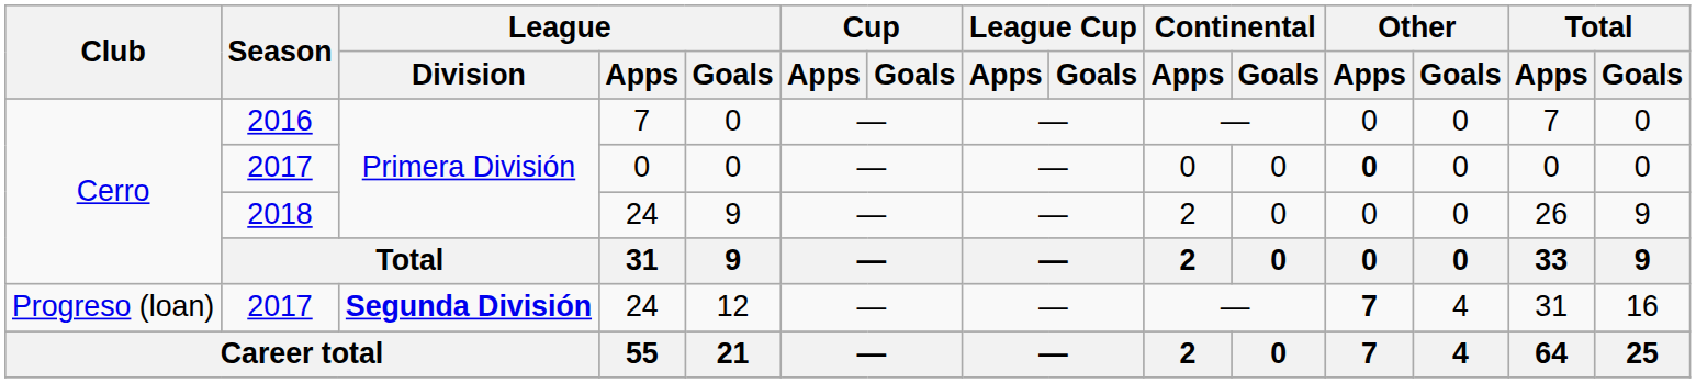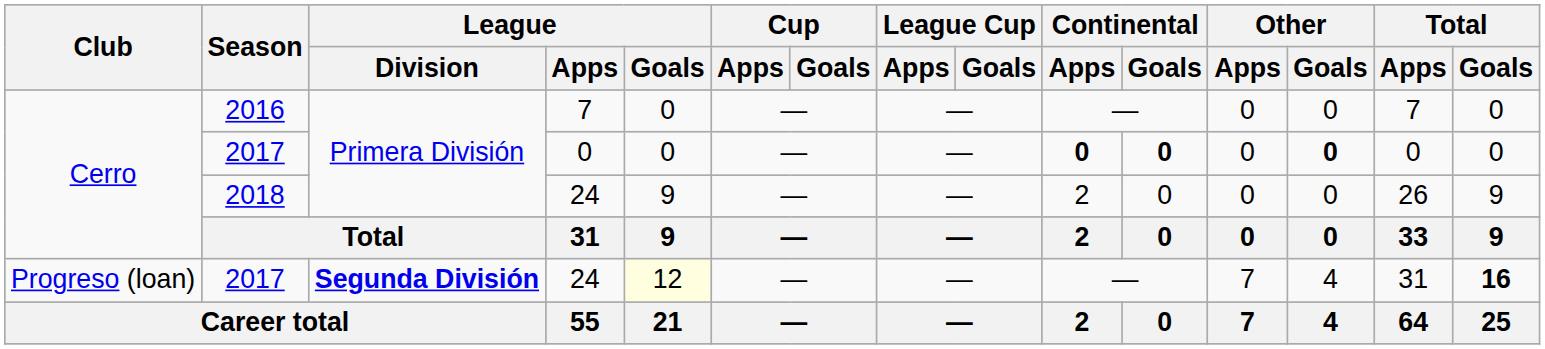 <table class="wikitable" style="text-align:center">
 <tr>
 <th rowspan="2">Club</th>
 <th rowspan="2">Season</th>
 <th colspan="3">League</th>
 <th colspan="2">Cup</th>
 <th colspan="2">League Cup</th>
 <th colspan="2">Continental</th>
 <th colspan="2">Other</th>
 <th colspan="2">Total</th>
 </tr>
 <tr>
 <th>Division</th>
 <th>Apps</th>
 <th>Goals</th>
 <th>Apps</th>
 <th>Goals</th>
 <th>Apps</th>
 <th>Goals</th>
 <th>Apps</th>
 <th>Goals</th>
 <th>Apps</th>
 <th>Goals</th>
 <th>Apps</th>
 <th>Goals</th>
 </tr>
 <tr>
 <td rowspan="4"><a href='#'>Cerro</a></td>
 <td><a href='#'>2016</a></td>
 <td rowspan="3"><a href='#'>Primera División</a></td>
 <td>7</td>
 <td>0</td>
 <td colspan="2">—</td>
 <td colspan="2">—</td>
 <td colspan="2">—</td>
 <td>0</td>
 <td>0</td>
 <td>7</td>
 <td>0</td>
 </tr>
 <tr>
 <td><a href='#'>2017</a></td>
 <td>0</td>
 <td>0</td>
 <td colspan="2">—</td>
 <td colspan="2">—</td>
-<td>0</td>
+<td><strong>0</strong></td>
+<td><strong>0</strong></td>
 <td>0</td>
 <td><strong>0</strong></td>
-<td>0</td>
 <td>0</td>
 <td>0</td>
 </tr>
 <tr>
 <td><a href='#'>2018</a></td>
 <td>24</td>
 <td>9</td>
 <td colspan="2">—</td>
 <td colspan="2">—</td>
 <td>2</td>
 <td>0</td>
 <td>0</td>
 <td>0</td>
 <td>26</td>
 <td>9</td>
 </tr>
 <tr>
 <th colspan="2">Total</th>
 <th>31</th>
 <th>9</th>
 <th colspan="2">—</th>
 <th colspan="2">—</th>
 <th>2</th>
 <th>0</th>
 <th>0</th>
 <th>0</th>
 <th>33</th>
 <th>9</th>
 </tr>
 <tr>
 <td rowspan="1"><a href='#'>Progreso</a> (loan)</td>
 <td><a href='#'>2017</a></td>
 <td rowspan="1"><strong><a href='#'>Segunda División</a></strong></td>
 <td>24</td>
-<td>12</td>
+<td style="background: lightyellow;">12</td>
 <td colspan="2">—</td>
 <td colspan="2">—</td>
 <td colspan="2">—</td>
-<td><strong>7</strong></td>
+<td>7</td>
 <td>4</td>
 <td>31</td>
-<td>16</td>
+<td><strong>16</strong></td>
 </tr>
 <tr>
 <th colspan="3">Career total</th>
 <th>55</th>
 <th>21</th>
 <th colspan="2">—</th>
 <th colspan="2">—</th>
 <th>2</th>
 <th>0</th>
 <th>7</th>
 <th>4</th>
 <th>64</th>
 <th>25</th>
 </tr>
 </table>
